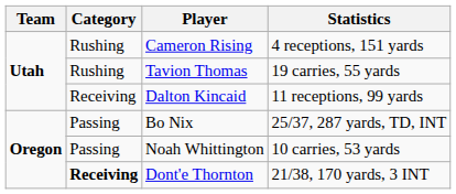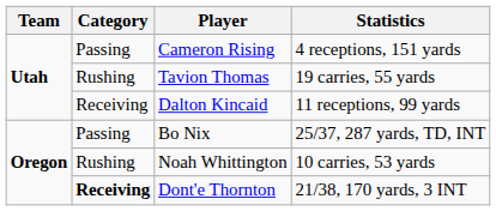 <table class="wikitable" style="float: right;">
 <tr>
 <th>Team</th>
 <th>Category</th>
 <th>Player</th>
 <th>Statistics</th>
 </tr>
 <tr>
 <td rowspan=3><strong>Utah</strong></td>
-<td>Rushing</td>
+<td>Passing</td>
 <td><a href='#'>Cameron Rising</a></td>
 <td>4 receptions, 151 yards</td>
 </tr>
 <tr>
 <td>Rushing</td>
 <td><a href='#'>Tavion Thomas</a></td>
 <td>19 carries, 55 yards</td>
 </tr>
 <tr>
 <td>Receiving</td>
 <td><a href='#'>Dalton Kincaid</a></td>
 <td>11 receptions, 99 yards</td>
 </tr>
 <tr>
 <td rowspan=3><strong>Oregon</strong></td>
 <td>Passing</td>
 <td>Bo Nix</td>
 <td>25/37, 287 yards, TD, INT</td>
 </tr>
 <tr>
-<td>Passing</td>
+<td>Rushing</td>
 <td>Noah Whittington</td>
 <td>10 carries, 53 yards</td>
 </tr>
 <tr>
 <td><strong>Receiving</strong></td>
 <td><a href='#'>Dont'e Thornton</a></td>
 <td>21/38, 170 yards, 3 INT</td>
 </tr>
 </table>
